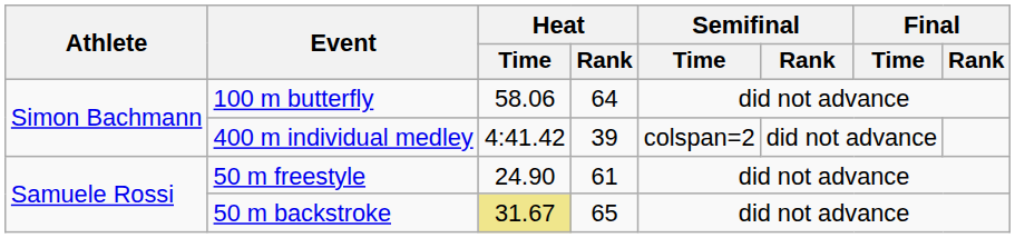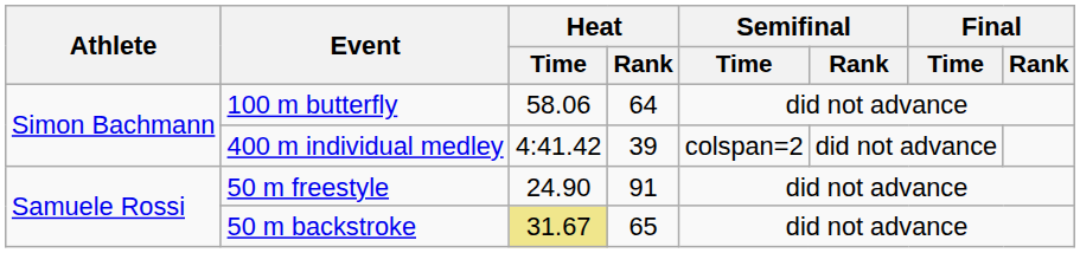 <table class=wikitable style="font-size:90%">
 <tr>
 <th rowspan="2">Athlete</th>
 <th rowspan="2">Event</th>
 <th colspan="2">Heat</th>
 <th colspan="2">Semifinal</th>
 <th colspan="2">Final</th>
 </tr>
 <tr style="font-size:95%">
 <th>Time</th>
 <th>Rank</th>
 <th>Time</th>
 <th>Rank</th>
 <th>Time</th>
 <th>Rank</th>
 </tr>
 <tr align=center>
 <td align=left rowspan=2><a href='#'>Simon Bachmann</a></td>
 <td align=left><a href='#'>100 m butterfly</a></td>
 <td>58.06</td>
 <td>64</td>
 <td colspan=4>did not advance</td>
 </tr>
 <tr align=center>
 <td align=left><a href='#'>400 m individual medley</a></td>
 <td>4:41.42</td>
 <td>39</td>
 <td>colspan=2</td>
 <td colspan=2>did not advance</td>
 </tr>
 <tr align=center>
 <td align=left rowspan=2><a href='#'>Samuele Rossi</a></td>
 <td align=left><a href='#'>50 m freestyle</a></td>
 <td>24.90</td>
-<td>61</td>
+<td>91</td>
 <td colspan=4>did not advance</td>
 </tr>
 <tr align=center>
 <td align=left><a href='#'>50 m backstroke</a></td>
 <td style="background: khaki;">31.67</td>
 <td>65</td>
 <td colspan=4>did not advance</td>
 </tr>
 </table>
